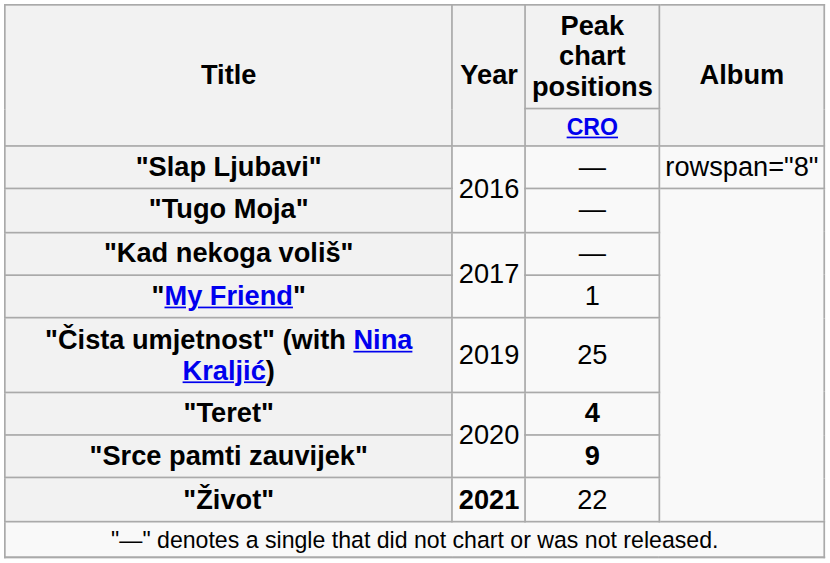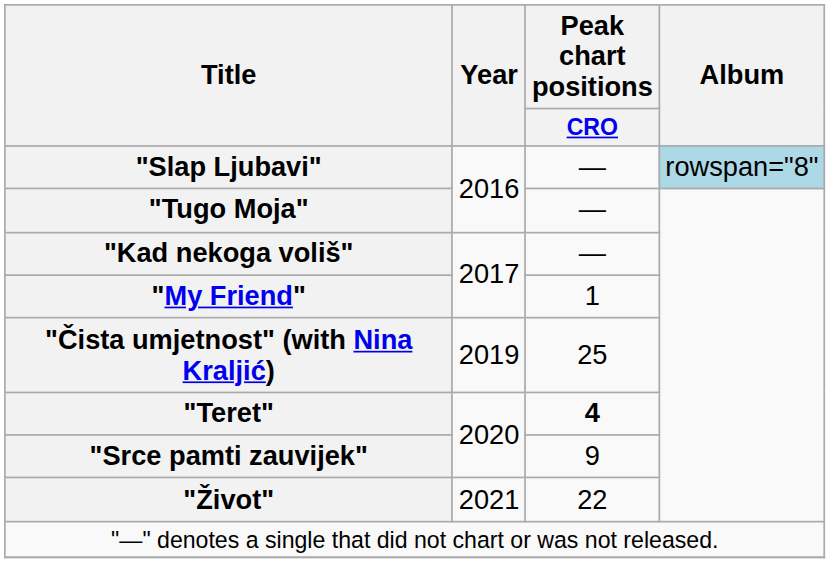 <table class="wikitable plainrowheaders" style="text-align:center;">
 <tr>
 <th scope="col" rowspan="2" style="width:16em;">Title</th>
 <th scope="col" rowspan="2" style="width:1em;">Year</th>
 <th scope="col" colspan="1">Peak chart positions</th>
 <th scope="col" rowspan="2">Album</th>
 </tr>
 <tr>
 <th scope="col" style="width:3em;font-size:85%;"><a href='#'>CRO</a><br></th>
 </tr>
 <tr>
 <th scope="row">"Slap Ljubavi"</th>
 <td rowspan="2">2016</td>
 <td>—</td>
-<td>rowspan="8" </td>
+<td style="background: lightblue;">rowspan="8" </td>
 </tr>
 <tr>
 <th scope="row">"Tugo Moja"</th>
 <td>—</td>
 </tr>
 <tr>
 <th scope="row">"Kad nekoga voliš"</th>
 <td rowspan="2">2017</td>
 <td>—</td>
 </tr>
 <tr>
 <th scope="row">"<a href='#'>My Friend</a>"</th>
 <td>1</td>
 </tr>
 <tr>
 <th scope="row">"Čista umjetnost"<span> (with <a href='#'>Nina Kraljić</a>)</span></th>
 <td rowspan="1">2019</td>
 <td>25</td>
 </tr>
 <tr>
 <th scope="row">"Teret"</th>
 <td rowspan="2">2020</td>
 <td><strong>4</strong></td>
 </tr>
 <tr>
 <th scope="row">"Srce pamti zauvijek"</th>
-<td><strong>9</strong></td>
+<td>9</td>
 </tr>
 <tr>
 <th scope="row">"Život"<br></th>
-<td><strong>2021</strong></td>
+<td>2021</td>
 <td>22</td>
 </tr>
 <tr>
 <td style="text-align:center; font-size:85%;" colspan="22">"—" denotes a single that did not chart or was not released.</td>
 </tr>
 <tr>
 </tr>
 </table>
